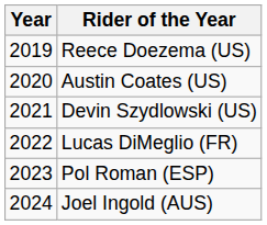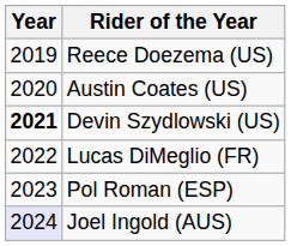 <table class="wikitable">
 <tr>
 <th>Year</th>
 <th>Rider of the Year</th>
 </tr>
 <tr>
 <td>2019</td>
 <td>Reece Doezema (US)</td>
 </tr>
 <tr>
 <td>2020</td>
 <td>Austin Coates (US)</td>
 </tr>
 <tr>
-<td>2021</td>
+<td><strong>2021</strong></td>
 <td>Devin Szydlowski (US)</td>
 </tr>
 <tr>
 <td>2022</td>
 <td>Lucas DiMeglio (FR)</td>
 </tr>
 <tr>
 <td>2023</td>
 <td>Pol Roman (ESP)</td>
 </tr>
 <tr>
-<td>2024</td>
+<td style="background: lavender;">2024</td>
 <td>Joel Ingold (AUS)</td>
 </tr>
 </table>
